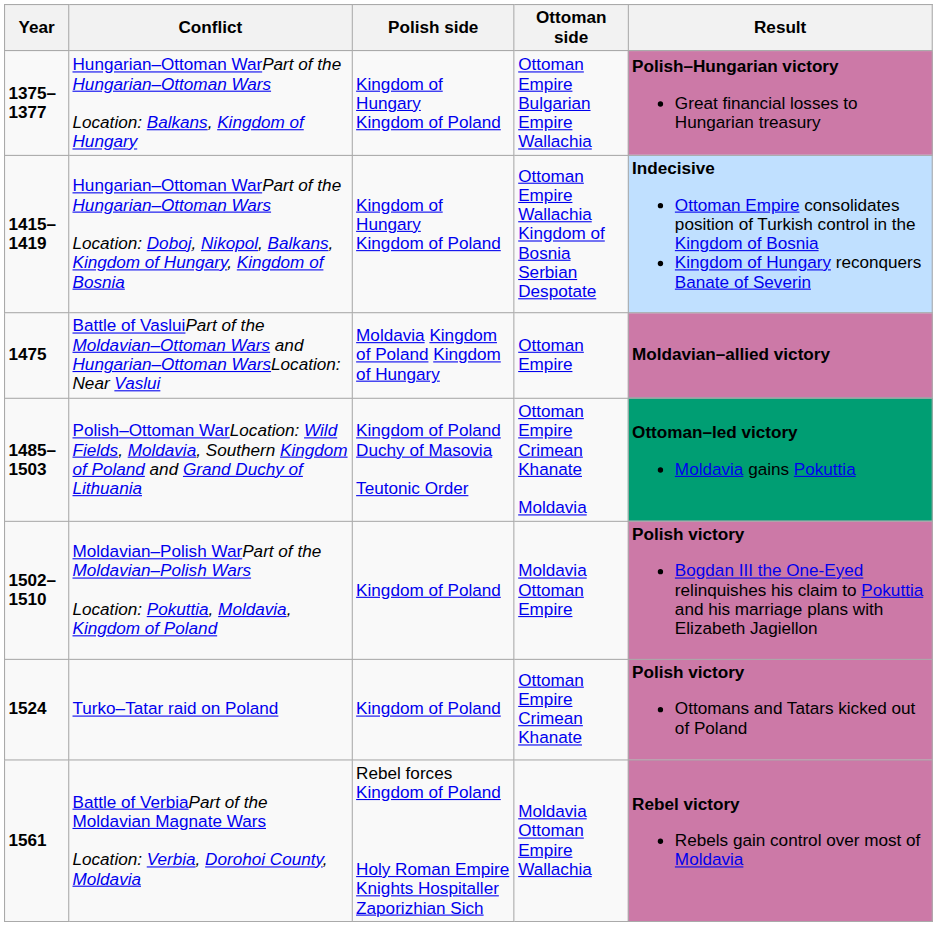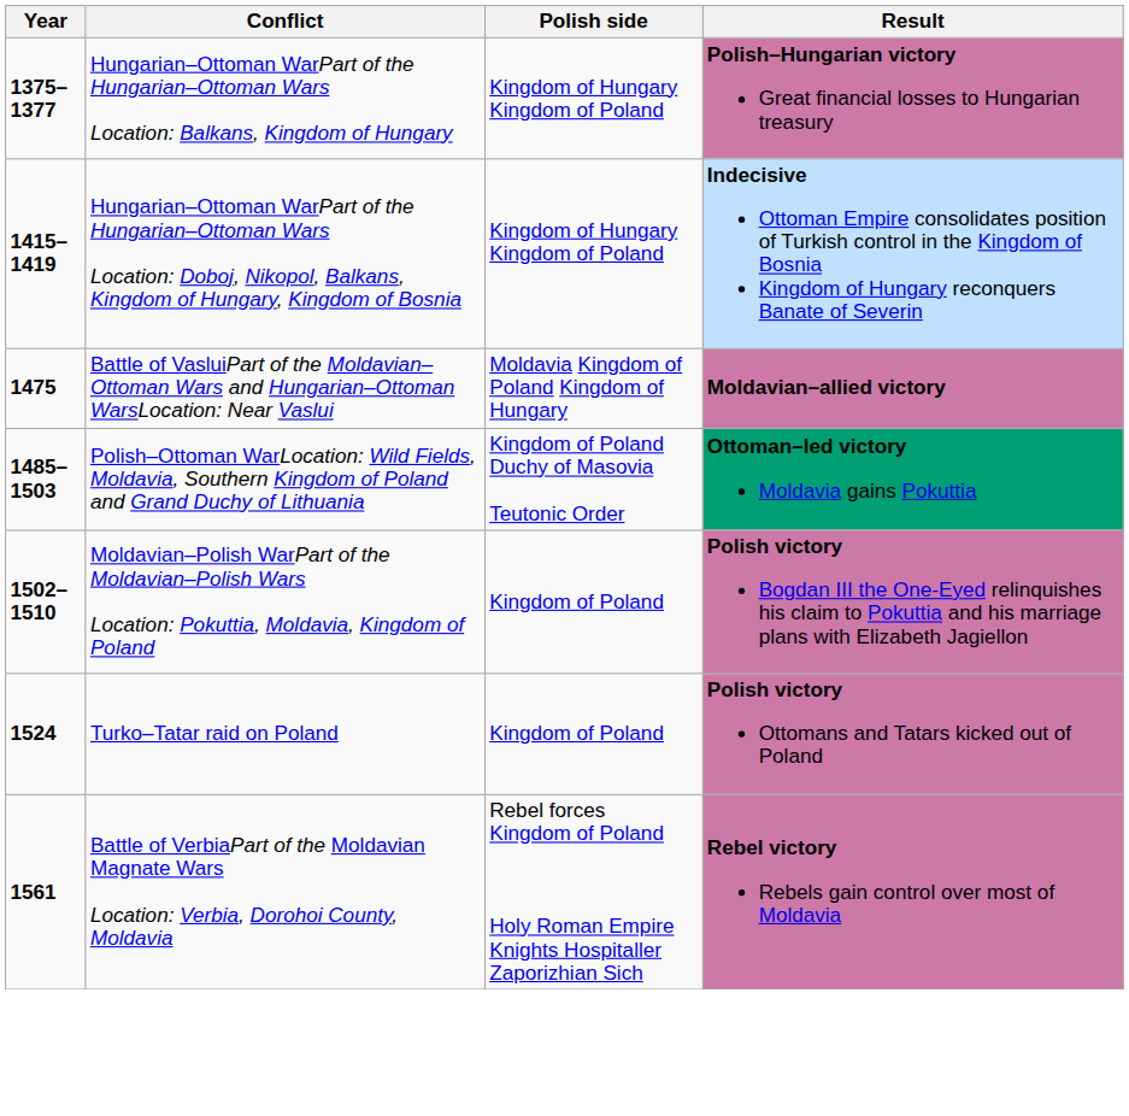 <table class="wikitable">
 <tr>
 <th><strong>Year</strong></th>
 <th>Conflict</th>
 <th>Polish side</th>
-<th>Ottoman side</th>
 <th>Result</th>
 </tr>
 <tr>
 <td><strong>1375–1377</strong></td>
 <td><a href='#'>Hungarian–Ottoman War</a><em>Part of the <a href='#'>Hungarian–Ottoman Wars</a></em><br><br><em>Location: <a href='#'>Balkans</a>, <a href='#'>Kingdom of Hungary</a></em></td>
 <td> <a href='#'>Kingdom of Hungary</a><br> <a href='#'>Kingdom of Poland</a></td>
-<td> <a href='#'>Ottoman Empire</a><br> <a href='#'>Bulgarian Empire</a><br> <a href='#'>Wallachia</a></td>
 <td style="background:#CC79A7"><strong>Polish–Hungarian victory</strong><br><ul><li>Great financial losses to Hungarian treasury</li></ul></td>
 </tr>
 <tr>
 <td><strong>1415–1419</strong></td>
 <td><a href='#'>Hungarian–Ottoman War</a><em>Part of the <a href='#'>Hungarian–Ottoman Wars</a></em><br><br><em>Location: <a href='#'>Doboj</a>, <a href='#'>Nikopol</a>, <a href='#'>Balkans</a>, <a href='#'>Kingdom of Hungary</a>, <a href='#'>Kingdom of Bosnia</a></em></td>
 <td> <a href='#'>Kingdom of Hungary</a><br> <a href='#'>Kingdom of Poland</a><br><br></td>
-<td> <a href='#'>Ottoman Empire</a><br> <a href='#'>Wallachia</a><br> <a href='#'>Kingdom of Bosnia</a><br> <a href='#'>Serbian Despotate</a></td>
 <td style="background:#C0E0FF"><strong>Indecisive</strong><br><ul><li><a href='#'>Ottoman Empire</a> consolidates position of Turkish control in the <a href='#'>Kingdom of Bosnia</a></li><li><a href='#'>Kingdom of Hungary</a> reconquers <a href='#'>Banate of Severin</a></li></ul></td>
 </tr>
 <tr>
 <td><strong>1475</strong></td>
 <td><a href='#'>Battle of Vaslui</a><em>Part of the <a href='#'>Moldavian–Ottoman Wars</a> and <a href='#'>Hungarian–Ottoman Wars</a></em><em>Location: Near <a href='#'>Vaslui</a></em></td>
 <td> <a href='#'>Moldavia</a> <a href='#'>Kingdom of Poland</a> <a href='#'>Kingdom of Hungary</a></td>
-<td> <a href='#'>Ottoman Empire</a></td>
 <td style="background:#CC79A7"><strong>Moldavian–allied victory</strong></td>
 </tr>
 <tr>
 <td><strong>1485–1503</strong></td>
 <td><a href='#'>Polish–Ottoman War</a><em>Location: <a href='#'>Wild Fields</a>, <a href='#'>Moldavia</a>, Southern <a href='#'>Kingdom of Poland</a> and <a href='#'>Grand Duchy of Lithuania</a></em></td>
 <td> <a href='#'>Kingdom of Poland</a><br> <a href='#'>Duchy of Masovia</a><br><br> <a href='#'>Teutonic Order</a><br></td>
-<td> <a href='#'>Ottoman Empire</a><br> <a href='#'>Crimean Khanate</a><br><br> <a href='#'>Moldavia</a></td>
 <td style="background:#009E73"><strong>Ottoman–led victory</strong><br><ul><li><a href='#'>Moldavia</a> gains <a href='#'>Pokuttia</a></li></ul></td>
 </tr>
 <tr>
 <td><strong>1502–1510</strong></td>
 <td><a href='#'>Moldavian–Polish War</a><em>Part of the</em> <a href='#'><em>Moldavian–Polish Wars</em></a><br><br><em>Location: <a href='#'>Pokuttia</a>, <a href='#'>Moldavia</a>, <a href='#'>Kingdom of Poland</a></em></td>
 <td> <a href='#'>Kingdom of Poland</a></td>
-<td> <a href='#'>Moldavia</a><br> <a href='#'>Ottoman Empire</a></td>
 <td style="background:#CC79A7"><strong>Polish victory</strong><br><ul><li><a href='#'>Bogdan III the One-Eyed</a> relinquishes his claim to <a href='#'>Pokuttia</a> and his marriage plans with Elizabeth Jagiellon</li></ul></td>
 </tr>
 <tr>
 <td><strong>1524</strong></td>
 <td><a href='#'>Turko–Tatar raid on Poland</a></td>
 <td> <a href='#'>Kingdom of Poland</a></td>
-<td> <a href='#'>Ottoman Empire</a><br> <a href='#'>Crimean Khanate</a></td>
 <td style="background:#CC79A7"><strong>Polish victory</strong><br><ul><li>Ottomans and Tatars kicked out of Poland</li></ul></td>
 </tr>
 <tr>
 <td><strong>1561</strong></td>
 <td><a href='#'>Battle of Verbia</a><em>Part of the</em> <a href='#'>Moldavian Magnate Wars</a><br><br><em>Location: <a href='#'>Verbia</a>, <a href='#'>Dorohoi County</a>, <a href='#'>Moldavia</a></em></td>
 <td> Rebel forces<br> <a href='#'>Kingdom of Poland</a><br><br><br><br> <a href='#'>Holy Roman Empire</a><br> <a href='#'>Knights Hospitaller</a><br> <a href='#'>Zaporizhian Sich</a></td>
-<td> <a href='#'>Moldavia</a><br> <a href='#'>Ottoman Empire</a>   <a href='#'>Wallachia</a></td>
 <td style="background:#CC79A7"><strong>Rebel victory</strong><br><ul><li>Rebels gain control over most of <a href='#'>Moldavia</a></li></ul></td>
 </tr>
 </table>
